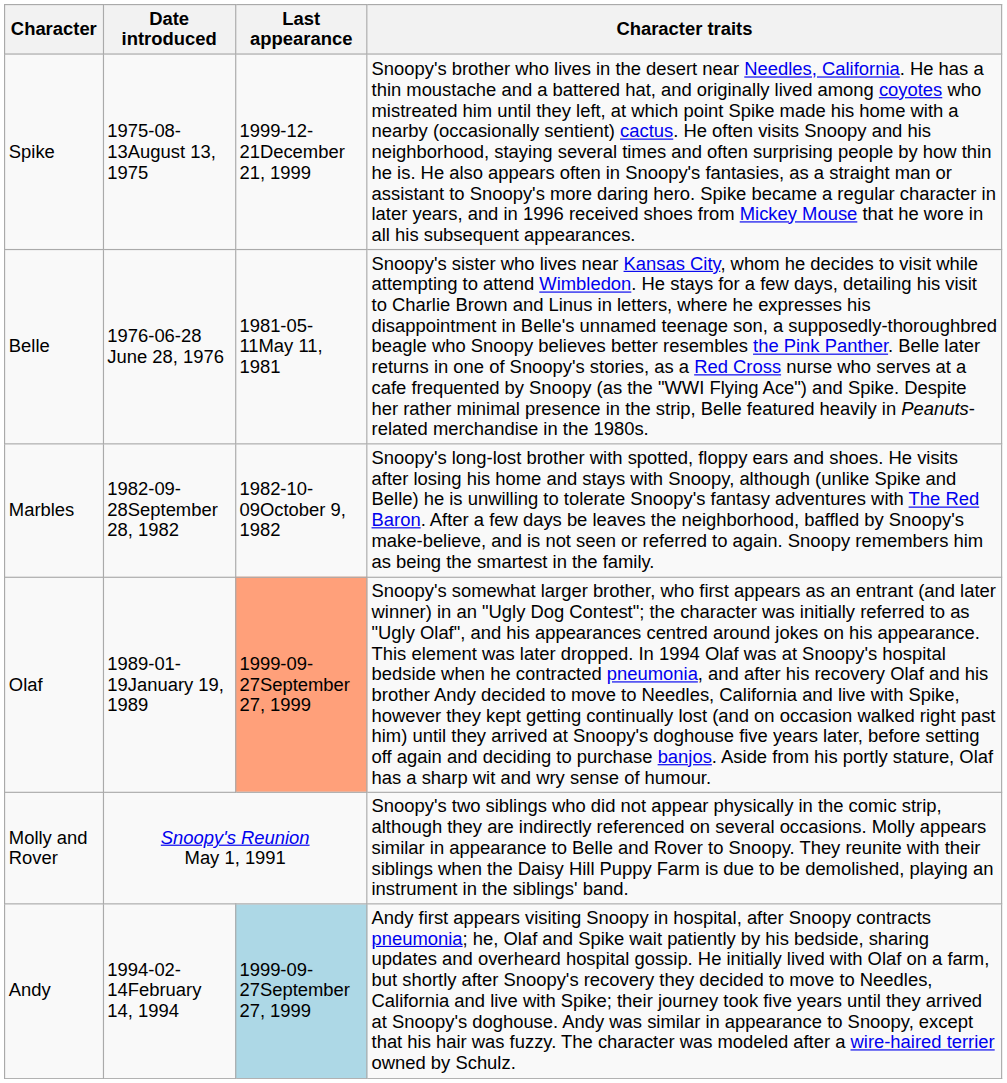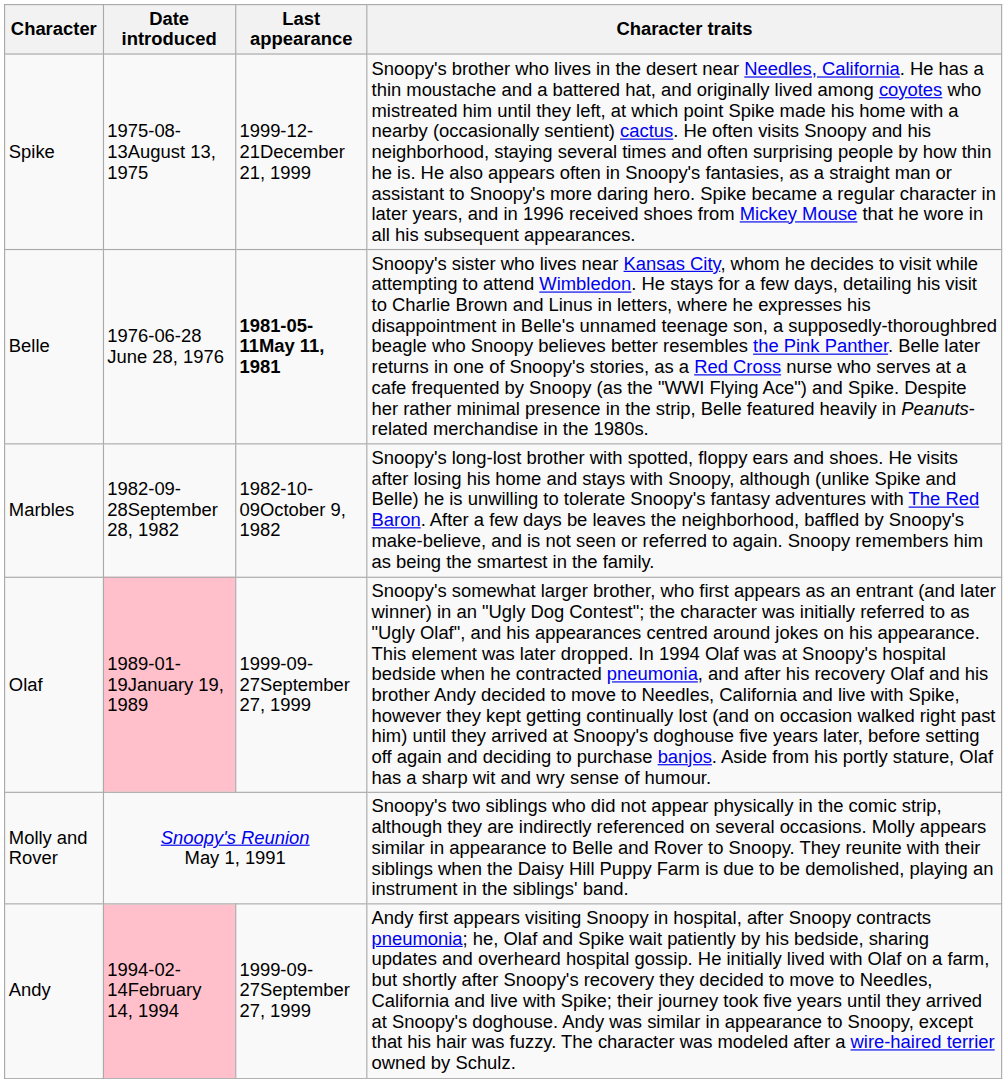 <table class ="wikitable">
 <tr>
 <th><strong>Character</strong></th>
 <th><strong>Date introduced</strong></th>
 <th><strong>Last appearance</strong></th>
 <th class="unsortable">Character traits</th>
 </tr>
 <tr>
 <td>Spike</td>
 <td><span>1975-08-13</span>August 13, 1975</td>
 <td><span>1999-12-21</span>December 21, 1999</td>
 <td>Snoopy's brother who lives in the desert near <a href='#'>Needles, California</a>. He has a thin moustache and a battered hat, and originally lived among <a href='#'>coyotes</a> who mistreated him until they left, at which point Spike made his home with a nearby (occasionally sentient) <a href='#'>cactus</a>. He often visits Snoopy and his neighborhood, staying several times and often surprising people by how thin he is. He also appears often in Snoopy's fantasies, as a straight man or assistant to Snoopy's more daring hero. Spike became a regular character in later years, and in 1996 received shoes from <a href='#'>Mickey Mouse</a> that he wore in all his subsequent appearances.</td>
 </tr>
 <tr>
 <td>Belle</td>
 <td><span>1976-06-28</span> June 28, 1976</td>
-<td><span>1981-05-11</span>May 11, 1981</td>
+<td><strong><span>1981-05-11</span>May 11, 1981</strong></td>
 <td>Snoopy's sister who lives near <a href='#'>Kansas City</a>, whom he decides to visit while attempting to attend <a href='#'>Wimbledon</a>. He stays for a few days, detailing his visit to Charlie Brown and Linus in letters, where he expresses his disappointment in Belle's unnamed teenage son, a supposedly-thoroughbred beagle who Snoopy believes better resembles <a href='#'>the Pink Panther</a>. Belle later returns in one of Snoopy's stories, as a <a href='#'>Red Cross</a> nurse who serves at a cafe frequented by Snoopy (as the "WWI Flying Ace") and Spike. Despite her rather minimal presence in the strip, Belle featured heavily in <em>Peanuts</em>-related merchandise in the 1980s.</td>
 </tr>
 <tr>
 <td>Marbles</td>
 <td><span>1982-09-28</span>September 28, 1982</td>
 <td><span>1982-10-09</span>October 9, 1982</td>
 <td>Snoopy's long-lost brother with spotted, floppy ears and shoes. He visits after losing his home and stays with Snoopy, although (unlike Spike and Belle) he is unwilling to tolerate Snoopy's fantasy adventures with <a href='#'>The Red Baron</a>. After a few days be leaves the neighborhood, baffled by Snoopy's make-believe, and is not seen or referred to again. Snoopy remembers him as being the smartest in the family.</td>
 </tr>
 <tr>
 <td>Olaf</td>
-<td><span>1989-01-19</span>January 19, 1989</td>
-<td style="background: lightsalmon;"><span>1999-09-27</span>September 27, 1999</td>
+<td style="background: pink;"><span>1989-01-19</span>January 19, 1989</td>
+<td><span>1999-09-27</span>September 27, 1999</td>
 <td>Snoopy's somewhat larger brother, who first appears as an entrant (and later winner) in an "Ugly Dog Contest"; the character was initially referred to as "Ugly Olaf", and his appearances centred around jokes on his appearance. This element was later dropped. In 1994 Olaf was at Snoopy's hospital bedside when he contracted <a href='#'>pneumonia</a>, and after his recovery Olaf and his brother Andy decided to move to Needles, California and live with Spike, however they kept getting continually lost (and on occasion walked right past him) until they arrived at Snoopy's doghouse five years later, before setting off again and deciding to purchase <a href='#'>banjos</a>. Aside from his portly stature, Olaf has a sharp wit and wry sense of humour.</td>
 </tr>
 <tr>
 <td>Molly and Rover</td>
 <td colspan=2 style="text-align: center"><em><a href='#'>Snoopy's Reunion</a></em><br>May 1, 1991</td>
 <td>Snoopy's two siblings who did not appear physically in the comic strip, although they are indirectly referenced on several occasions. Molly appears similar in appearance to Belle and Rover to Snoopy. They reunite with their siblings when the Daisy Hill Puppy Farm is due to be demolished, playing an instrument in the siblings' band.</td>
 </tr>
 <tr>
 <td>Andy</td>
-<td><span>1994-02-14</span>February 14, 1994</td>
-<td style="background: lightblue;"><span>1999-09-27</span>September 27, 1999</td>
+<td style="background: pink;"><span>1994-02-14</span>February 14, 1994</td>
+<td><span>1999-09-27</span>September 27, 1999</td>
 <td>Andy first appears visiting Snoopy in hospital, after Snoopy contracts <a href='#'>pneumonia</a>; he, Olaf and Spike wait patiently by his bedside, sharing updates and overheard hospital gossip. He initially lived with Olaf on a farm, but shortly after Snoopy's recovery they decided to move to Needles, California and live with Spike; their journey took five years until they arrived at Snoopy's doghouse. Andy was similar in appearance to Snoopy, except that his hair was fuzzy. The character was modeled after a <a href='#'>wire-haired terrier</a> owned by Schulz.</td>
 </tr>
 </table>
